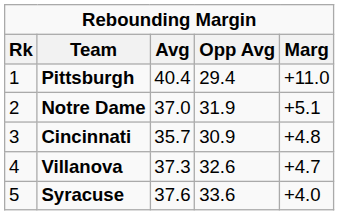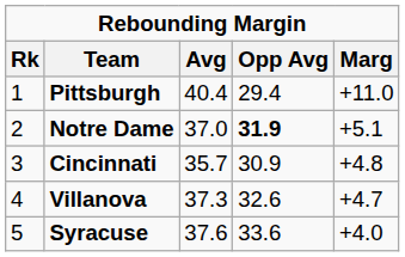 <table class="wikitable" style="white-space:nowrap; font-size:90%;">
 <tr>
 <td colspan=5 style="text-align:center"><strong>Rebounding Margin</strong></td>
 </tr>
 <tr>
 <th>Rk</th>
 <th>Team</th>
 <th>Avg</th>
 <th>Opp Avg</th>
 <th>Marg</th>
 </tr>
 <tr>
 <td>1</td>
 <td><strong>Pittsburgh</strong></td>
 <td>40.4</td>
 <td>29.4</td>
 <td>+11.0</td>
 </tr>
 <tr>
 <td>2</td>
 <td><strong>Notre Dame</strong></td>
 <td>37.0</td>
-<td>31.9</td>
+<td><strong>31.9</strong></td>
 <td>+5.1</td>
 </tr>
 <tr>
 <td>3</td>
 <td><strong>Cincinnati</strong></td>
 <td>35.7</td>
 <td>30.9</td>
 <td>+4.8</td>
 </tr>
 <tr>
 <td>4</td>
 <td><strong>Villanova</strong></td>
 <td>37.3</td>
 <td>32.6</td>
 <td>+4.7</td>
 </tr>
 <tr>
 <td>5</td>
 <td><strong>Syracuse</strong></td>
 <td>37.6</td>
 <td>33.6</td>
 <td>+4.0</td>
 </tr>
 </table>
